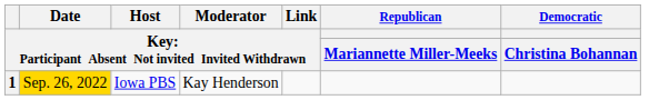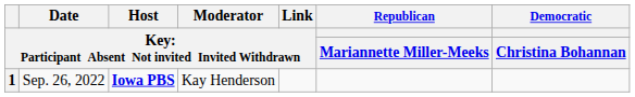 <table class="wikitable" style="text-align:center;">
 <tr>
 <th scope="col"></th>
 <th scope="col">Date</th>
 <th scope="col">Host</th>
 <th scope="col">Moderator</th>
 <th scope="col">Link</th>
 <th scope="col"><small><a href='#'>Republican</a></small></th>
 <th scope="col"><small><a href='#'>Democratic</a></small></th>
 </tr>
 <tr>
 <th colspan="5" rowspan="2">Key:<br> <small>Participant </small>  <small>Absent </small>  <small>Not invited </small>  <small>Invited  Withdrawn</small></th>
 <th scope="col" style="background:"></th>
 <th scope="col" style="background:"></th>
 </tr>
 <tr>
 <th scope="col"><a href='#'>Mariannette Miller-Meeks</a></th>
 <th scope="col"><a href='#'>Christina Bohannan</a></th>
 </tr>
 <tr>
 <th>1</th>
-<td style="background: gold; white-space:nowrap;">Sep. 26, 2022</td>
-<td style="white-space:nowrap;"><a href='#'>Iowa PBS</a></td>
+<td style="white-space:nowrap;">Sep. 26, 2022</td>
+<td style="white-space:nowrap;"><strong><a href='#'>Iowa PBS</a></strong></td>
 <td style="white-space:nowrap;">Kay Henderson</td>
 <td style="white-space:nowrap;"></td>
 <td></td>
 <td></td>
 </tr>
 </table>
